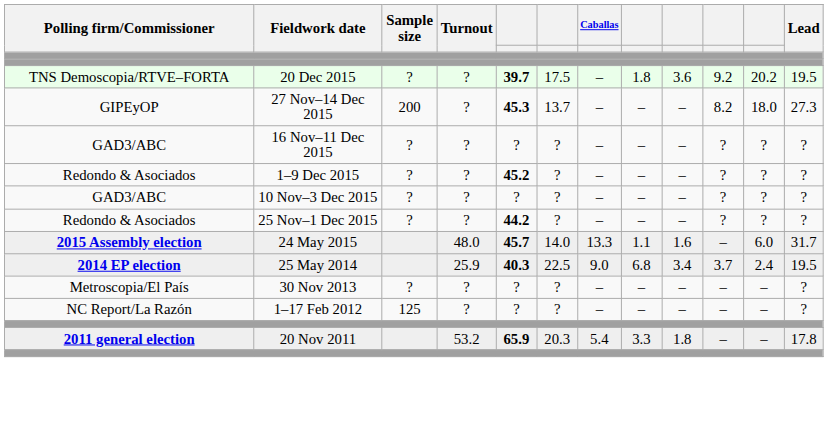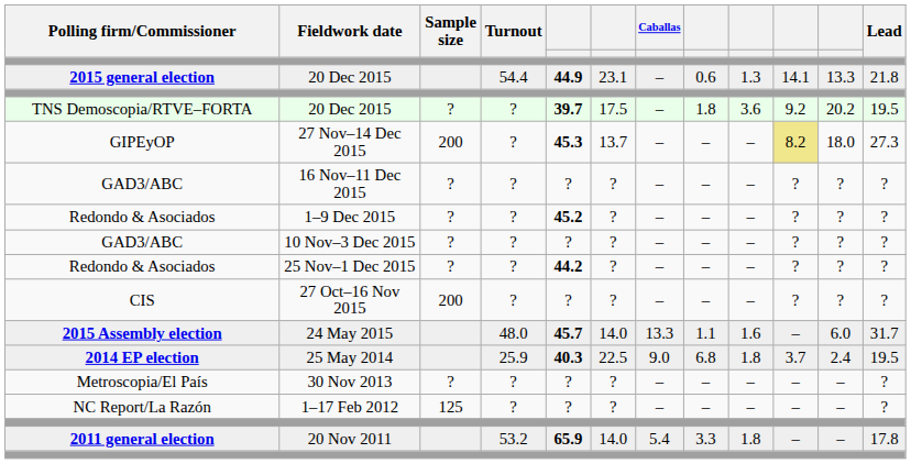 <table class="wikitable collapsible collapsed" style="text-align:center; font-size:95%; line-height:16px;">
 <tr style="height:42px; background-color:#E9E9E9">
 <th style="width:250px;" rowspan="2">Polling firm/Commissioner</th>
 <th style="width:125px;" rowspan="2">Fieldwork date</th>
 <th style="width:50px;" rowspan="2">Sample size</th>
 <th style="width:45px;" rowspan="2">Turnout</th>
 <th style="width:35px;"></th>
 <th style="width:35px;"></th>
 <th style="width:35px; font-size:70%;"><a href='#'>Caballas</a></th>
 <th style="width:35px;"></th>
 <th style="width:35px;"></th>
 <th style="width:35px;"></th>
 <th style="width:35px;"></th>
 <th style="width:30px;" rowspan="2">Lead</th>
 </tr>
 <tr>
 <th style="color:inherit;background:"></th>
 <th style="color:inherit;background:"></th>
 <th style="color:inherit;background:"></th>
 <th style="color:inherit;background:"></th>
 <th style="color:inherit;background:"></th>
 <th style="color:inherit;background:"></th>
 <th style="color:inherit;background:"></th>
 </tr>
 <tr>
 <td colspan="12" style="background:#A0A0A0"></td>
+</tr>
+<tr style="background:#EFEFEF;">
+<td><strong><a href='#'>2015 general election</a></strong></td>
+<td>20 Dec 2015</td>
+<td></td>
+<td>54.4</td>
+<td><strong>44.9</strong><br></td>
+<td>23.1<br></td>
+<td>–</td>
+<td>0.6<br></td>
+<td>1.3<br></td>
+<td>14.1<br></td>
+<td>13.3<br></td>
+<td style="background:">21.8</td>
 </tr>
 <tr>
 <td colspan="12" style="background:#A0A0A0"></td>
 </tr>
 <tr style="background:#EAFFEA;">
 <td>TNS Demoscopia/RTVE–FORTA</td>
 <td>20 Dec 2015</td>
 <td>?</td>
 <td>?</td>
 <td><strong>39.7</strong><br></td>
 <td>17.5<br></td>
 <td>–</td>
 <td>1.8<br></td>
 <td>3.6<br></td>
 <td>9.2<br></td>
 <td>20.2<br></td>
 <td style="background:">19.5</td>
 </tr>
 <tr>
 <td>GIPEyOP</td>
 <td>27 Nov–14 Dec 2015</td>
 <td>200</td>
 <td>?</td>
 <td><strong>45.3</strong><br></td>
 <td>13.7<br></td>
 <td>–</td>
 <td>–</td>
 <td>–</td>
-<td>8.2<br></td>
+<td style="background: khaki;">8.2<br></td>
 <td>18.0<br></td>
 <td style="background:">27.3</td>
 </tr>
 <tr>
 <td>GAD3/ABC</td>
 <td>16 Nov–11 Dec 2015</td>
 <td>?</td>
 <td>?</td>
 <td>?<br></td>
 <td>?<br></td>
 <td>–</td>
 <td>–</td>
 <td>–</td>
 <td>?<br></td>
 <td>?<br></td>
 <td style="background:">?</td>
 </tr>
 <tr>
 <td>Redondo & Asociados</td>
 <td>1–9 Dec 2015</td>
 <td>?</td>
 <td>?</td>
 <td><strong>45.2</strong><br></td>
 <td>?<br></td>
 <td>–</td>
 <td>–</td>
 <td>–</td>
 <td>?<br></td>
 <td>?<br></td>
 <td style="background:">?</td>
 </tr>
 <tr>
 <td>GAD3/ABC</td>
 <td>10 Nov–3 Dec 2015</td>
 <td>?</td>
 <td>?</td>
 <td>?<br></td>
 <td>?<br></td>
 <td>–</td>
 <td>–</td>
 <td>–</td>
 <td>?<br></td>
 <td>?<br></td>
 <td style="background:">?</td>
 </tr>
 <tr>
 <td>Redondo & Asociados</td>
 <td>25 Nov–1 Dec 2015</td>
 <td>?</td>
 <td>?</td>
 <td><strong>44.2</strong><br></td>
 <td>?<br></td>
 <td>–</td>
 <td>–</td>
 <td>–</td>
 <td>?<br></td>
 <td>?<br></td>
 <td style="background:">?</td>
 </tr>
+<tr>
+<td>CIS</td>
+<td>27 Oct–16 Nov 2015</td>
+<td>200</td>
+<td>?</td>
+<td>?<br></td>
+<td>?<br></td>
+<td>–</td>
+<td>–</td>
+<td>–</td>
+<td>?<br></td>
+<td>?<br></td>
+<td style="background:">?</td>
+</tr>
 <tr style="background:#EFEFEF;">
 <td><strong><a href='#'>2015 Assembly election</a></strong></td>
 <td>24 May 2015</td>
 <td></td>
 <td>48.0</td>
 <td><strong>45.7</strong><br></td>
 <td>14.0<br></td>
 <td>13.3<br></td>
 <td>1.1<br></td>
 <td>1.6<br></td>
 <td>–</td>
 <td>6.0<br></td>
 <td style="background:">31.7</td>
 </tr>
 <tr style="background:#EFEFEF;">
 <td><strong><a href='#'>2014 EP election</a></strong></td>
 <td>25 May 2014</td>
 <td></td>
 <td>25.9</td>
 <td><strong>40.3</strong><br></td>
 <td>22.5<br></td>
 <td>9.0<br></td>
 <td>6.8<br></td>
-<td>3.4<br></td>
+<td>1.8<br></td>
 <td>3.7<br></td>
 <td>2.4<br></td>
 <td style="background:">19.5</td>
 </tr>
 <tr>
 <td>Metroscopia/El País</td>
 <td>30 Nov 2013</td>
 <td>?</td>
 <td>?</td>
 <td>?<br></td>
 <td>?<br></td>
 <td>–</td>
 <td>–</td>
 <td>–</td>
 <td>–</td>
 <td>–</td>
 <td style="background:">?</td>
 </tr>
 <tr>
 <td>NC Report/La Razón</td>
 <td>1–17 Feb 2012</td>
 <td>125</td>
 <td>?</td>
 <td>?<br></td>
 <td>?<br></td>
 <td>–</td>
 <td>–</td>
 <td>–</td>
 <td>–</td>
 <td>–</td>
 <td style="background:">?</td>
 </tr>
 <tr>
 <td colspan="12" style="background:#A0A0A0"></td>
 </tr>
 <tr style="background:#EFEFEF;">
 <td><strong><a href='#'>2011 general election</a></strong></td>
 <td>20 Nov 2011</td>
 <td></td>
 <td>53.2</td>
 <td><strong>65.9</strong><br></td>
-<td>20.3<br></td>
+<td>14.0<br></td>
 <td>5.4<br></td>
 <td>3.3<br></td>
 <td>1.8<br></td>
 <td>–</td>
 <td>–</td>
 <td style="background:">17.8</td>
 </tr>
 <tr>
 <td colspan="12" style="background:#A0A0A0"></td>
 </tr>
 </table>
